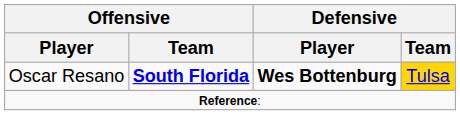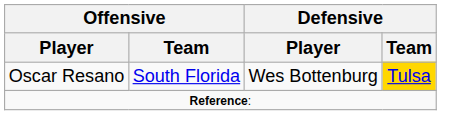 <table class="wikitable" style="text-align: center;">
 <tr>
 <th colspan="2">Offensive</th>
 <th colspan="2">Defensive</th>
 </tr>
 <tr>
 <th>Player</th>
 <th>Team</th>
 <th>Player</th>
 <th>Team</th>
 </tr>
 <tr>
 <td>Oscar Resano</td>
-<td><strong><a href='#'>South Florida</a></strong></td>
-<td><strong>Wes Bottenburg</strong></td>
+<td><a href='#'>South Florida</a></td>
+<td>Wes Bottenburg</td>
 <td style="background: gold;"><a href='#'>Tulsa</a></td>
 </tr>
 <tr>
 <td colspan="4"  style="font-size:8pt; text-align:center;"><strong>Reference</strong>:</td>
 </tr>
 </table>
